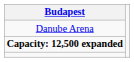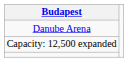 <table class="wikitable" style="text-align:center">
 <tr>
 <th><a href='#'>Budapest</a></th>
 <td rowspan=4></td>
 </tr>
 <tr>
 <td><a href='#'>Danube Arena</a></td>
 </tr>
 <tr>
-<td><strong>Capacity: 12,500 expanded</strong></td>
+<td>Capacity: 12,500 expanded</td>
 </tr>
 <tr>
 <td></td>
 </tr>
 </table>
